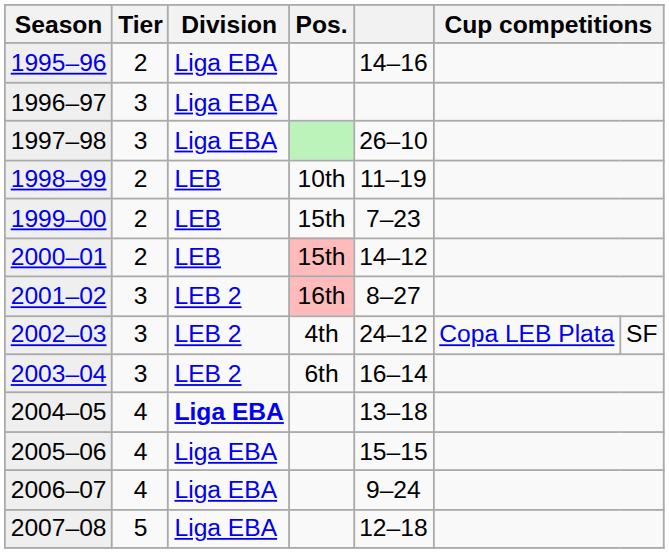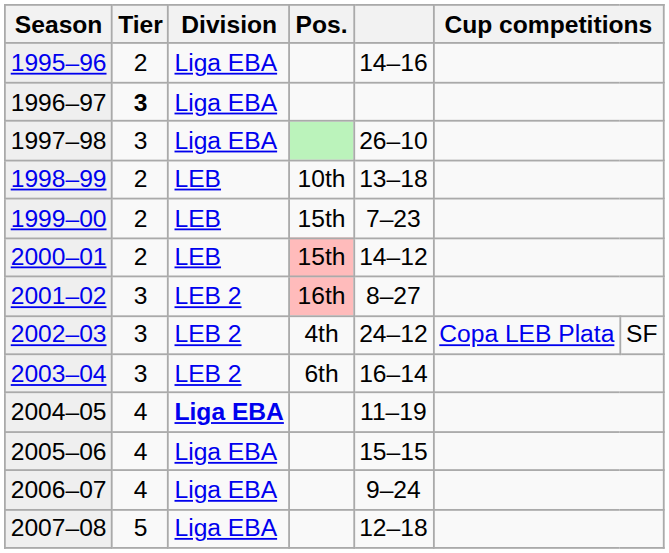 <table class="wikitable" style="font-size:85%; text-align:center">
 <tr>
 <th>Season</th>
 <th>Tier</th>
 <th>Division</th>
 <th>Pos.</th>
 <th></th>
 <th colspan=2>Cup competitions</th>
 </tr>
 <tr>
 <td bgcolor=#efefef><a href='#'>1995–96</a></td>
 <td>2</td>
 <td align=left><a href='#'>Liga EBA</a></td>
 <td></td>
 <td>14–16</td>
 <td colspan=2></td>
 </tr>
 <tr>
 <td bgcolor=#efefef>1996–97</td>
-<td>3</td>
+<td><strong>3</strong></td>
 <td align=left><a href='#'>Liga EBA</a></td>
 <td></td>
 <td></td>
 <td colspan=2></td>
 </tr>
 <tr>
 <td bgcolor=#efefef>1997–98</td>
 <td>3</td>
 <td align=left><a href='#'>Liga EBA</a></td>
 <td bgcolor=#BBF3BB></td>
 <td>26–10</td>
 <td colspan=2></td>
 </tr>
 <tr>
 <td bgcolor=#efefef><a href='#'>1998–99</a></td>
 <td>2</td>
 <td align=left><a href='#'>LEB</a></td>
 <td>10th</td>
-<td>11–19</td>
+<td>13–18</td>
 <td colspan=2></td>
 </tr>
 <tr>
 <td bgcolor=#efefef><a href='#'>1999–00</a></td>
 <td>2</td>
 <td align=left><a href='#'>LEB</a></td>
 <td>15th</td>
 <td>7–23</td>
 <td colspan=2></td>
 </tr>
 <tr>
 <td bgcolor=#efefef><a href='#'>2000–01</a></td>
 <td>2</td>
 <td align=left><a href='#'>LEB</a></td>
 <td bgcolor=#FFBBBB>15th</td>
 <td>14–12</td>
 <td colspan=2></td>
 </tr>
 <tr>
 <td bgcolor=#efefef><a href='#'>2001–02</a></td>
 <td>3</td>
 <td align=left><a href='#'>LEB 2</a></td>
 <td bgcolor=#FFBBBB>16th</td>
 <td>8–27</td>
 <td colspan=2></td>
 </tr>
 <tr>
 <td bgcolor=#efefef><a href='#'>2002–03</a></td>
 <td>3</td>
 <td align=left><a href='#'>LEB 2</a></td>
 <td>4th</td>
 <td>24–12</td>
 <td align=left><a href='#'>Copa LEB Plata</a></td>
 <td>SF</td>
 </tr>
 <tr>
 <td bgcolor=#efefef><a href='#'>2003–04</a></td>
 <td>3</td>
 <td align=left><a href='#'>LEB 2</a></td>
 <td>6th</td>
 <td>16–14</td>
 <td colspan=2></td>
 </tr>
 <tr>
 <td bgcolor=#efefef>2004–05</td>
 <td>4</td>
 <td align=left><strong><a href='#'>Liga EBA</a></strong></td>
 <td></td>
-<td>13–18</td>
+<td>11–19</td>
 <td colspan=2></td>
 </tr>
 <tr>
 <td bgcolor=#efefef>2005–06</td>
 <td>4</td>
 <td align=left><a href='#'>Liga EBA</a></td>
 <td></td>
 <td>15–15</td>
 <td colspan=2></td>
 </tr>
 <tr>
 <td bgcolor=#efefef>2006–07</td>
 <td>4</td>
 <td align=left><a href='#'>Liga EBA</a></td>
 <td></td>
 <td>9–24</td>
 <td colspan=2></td>
 </tr>
 <tr>
 <td bgcolor=#efefef>2007–08</td>
 <td>5</td>
 <td align=left><a href='#'>Liga EBA</a></td>
 <td></td>
 <td>12–18</td>
 <td colspan=2></td>
 </tr>
 </table>
